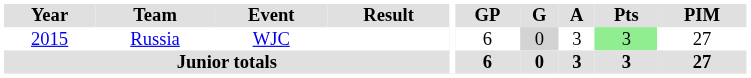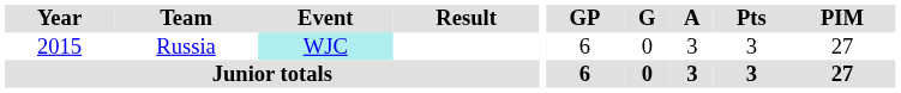 <table border="0" cellpadding="1" cellspacing="0" ID="Table3" style="text-align:center; width:40em">
 <tr ALIGN="center" bgcolor="#e0e0e0">
 <th>Year</th>
 <th>Team</th>
 <th>Event</th>
 <th>Result</th>
 <th rowspan="99" bgcolor="#ffffff"></th>
 <th>GP</th>
 <th>G</th>
 <th>A</th>
 <th>Pts</th>
 <th>PIM</th>
 </tr>
 <tr>
 <td><a href='#'>2015</a></td>
 <td><a href='#'>Russia</a></td>
-<td><a href='#'>WJC</a></td>
+<td style="background: paleturquoise;"><a href='#'>WJC</a></td>
 <td></td>
 <td>6</td>
-<td style="background: lightgrey;">0</td>
+<td>0</td>
 <td>3</td>
-<td style="background: lightgreen;">3</td>
+<td>3</td>
 <td>27</td>
 </tr>
 <tr bgcolor="#e0e0e0">
 <th colspan="4">Junior totals</th>
 <th>6</th>
 <th>0</th>
 <th>3</th>
 <th>3</th>
 <th>27</th>
 </tr>
 </table>
